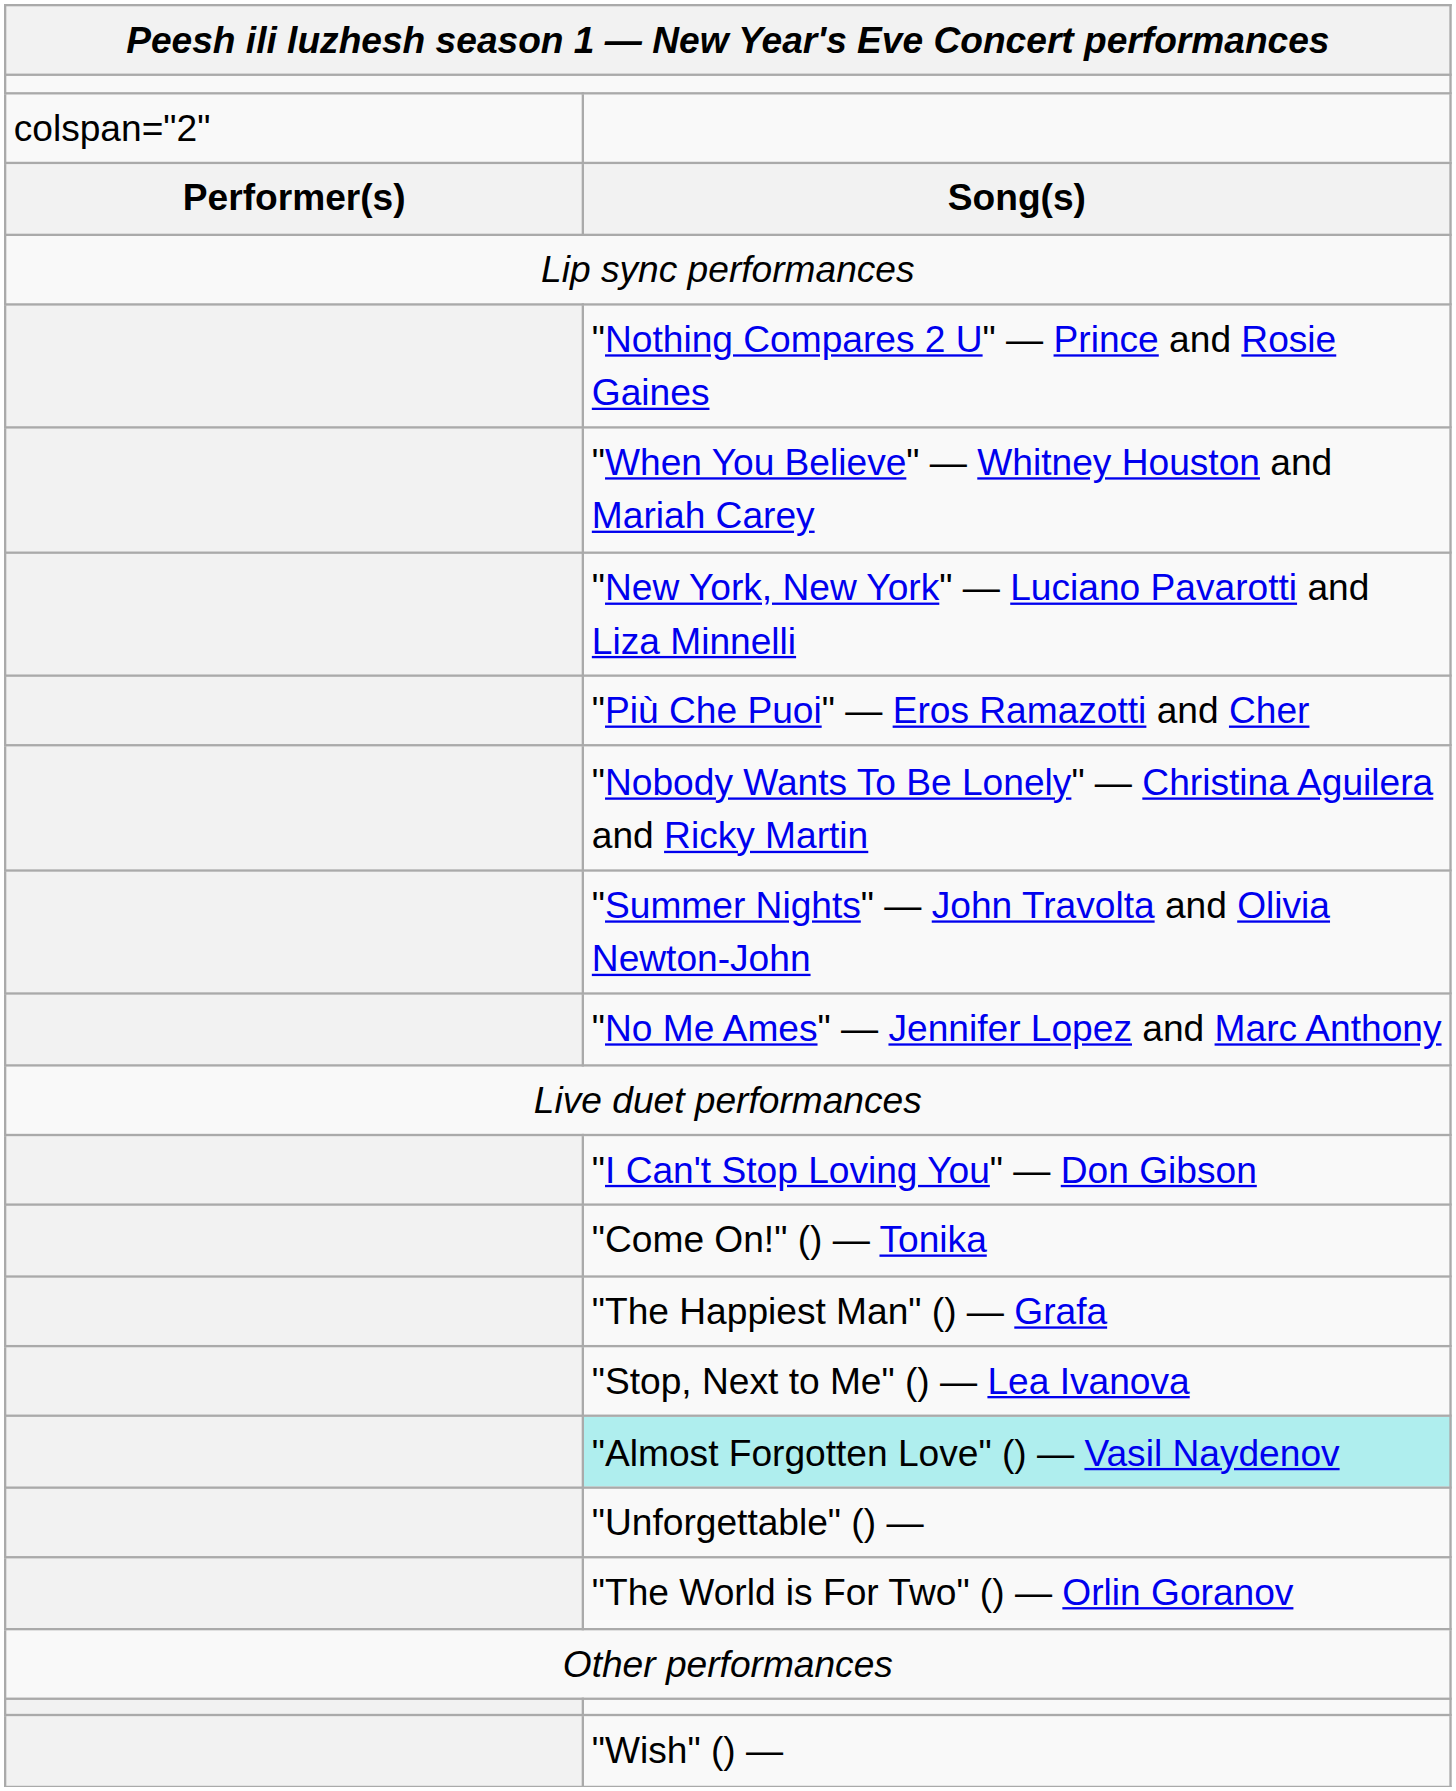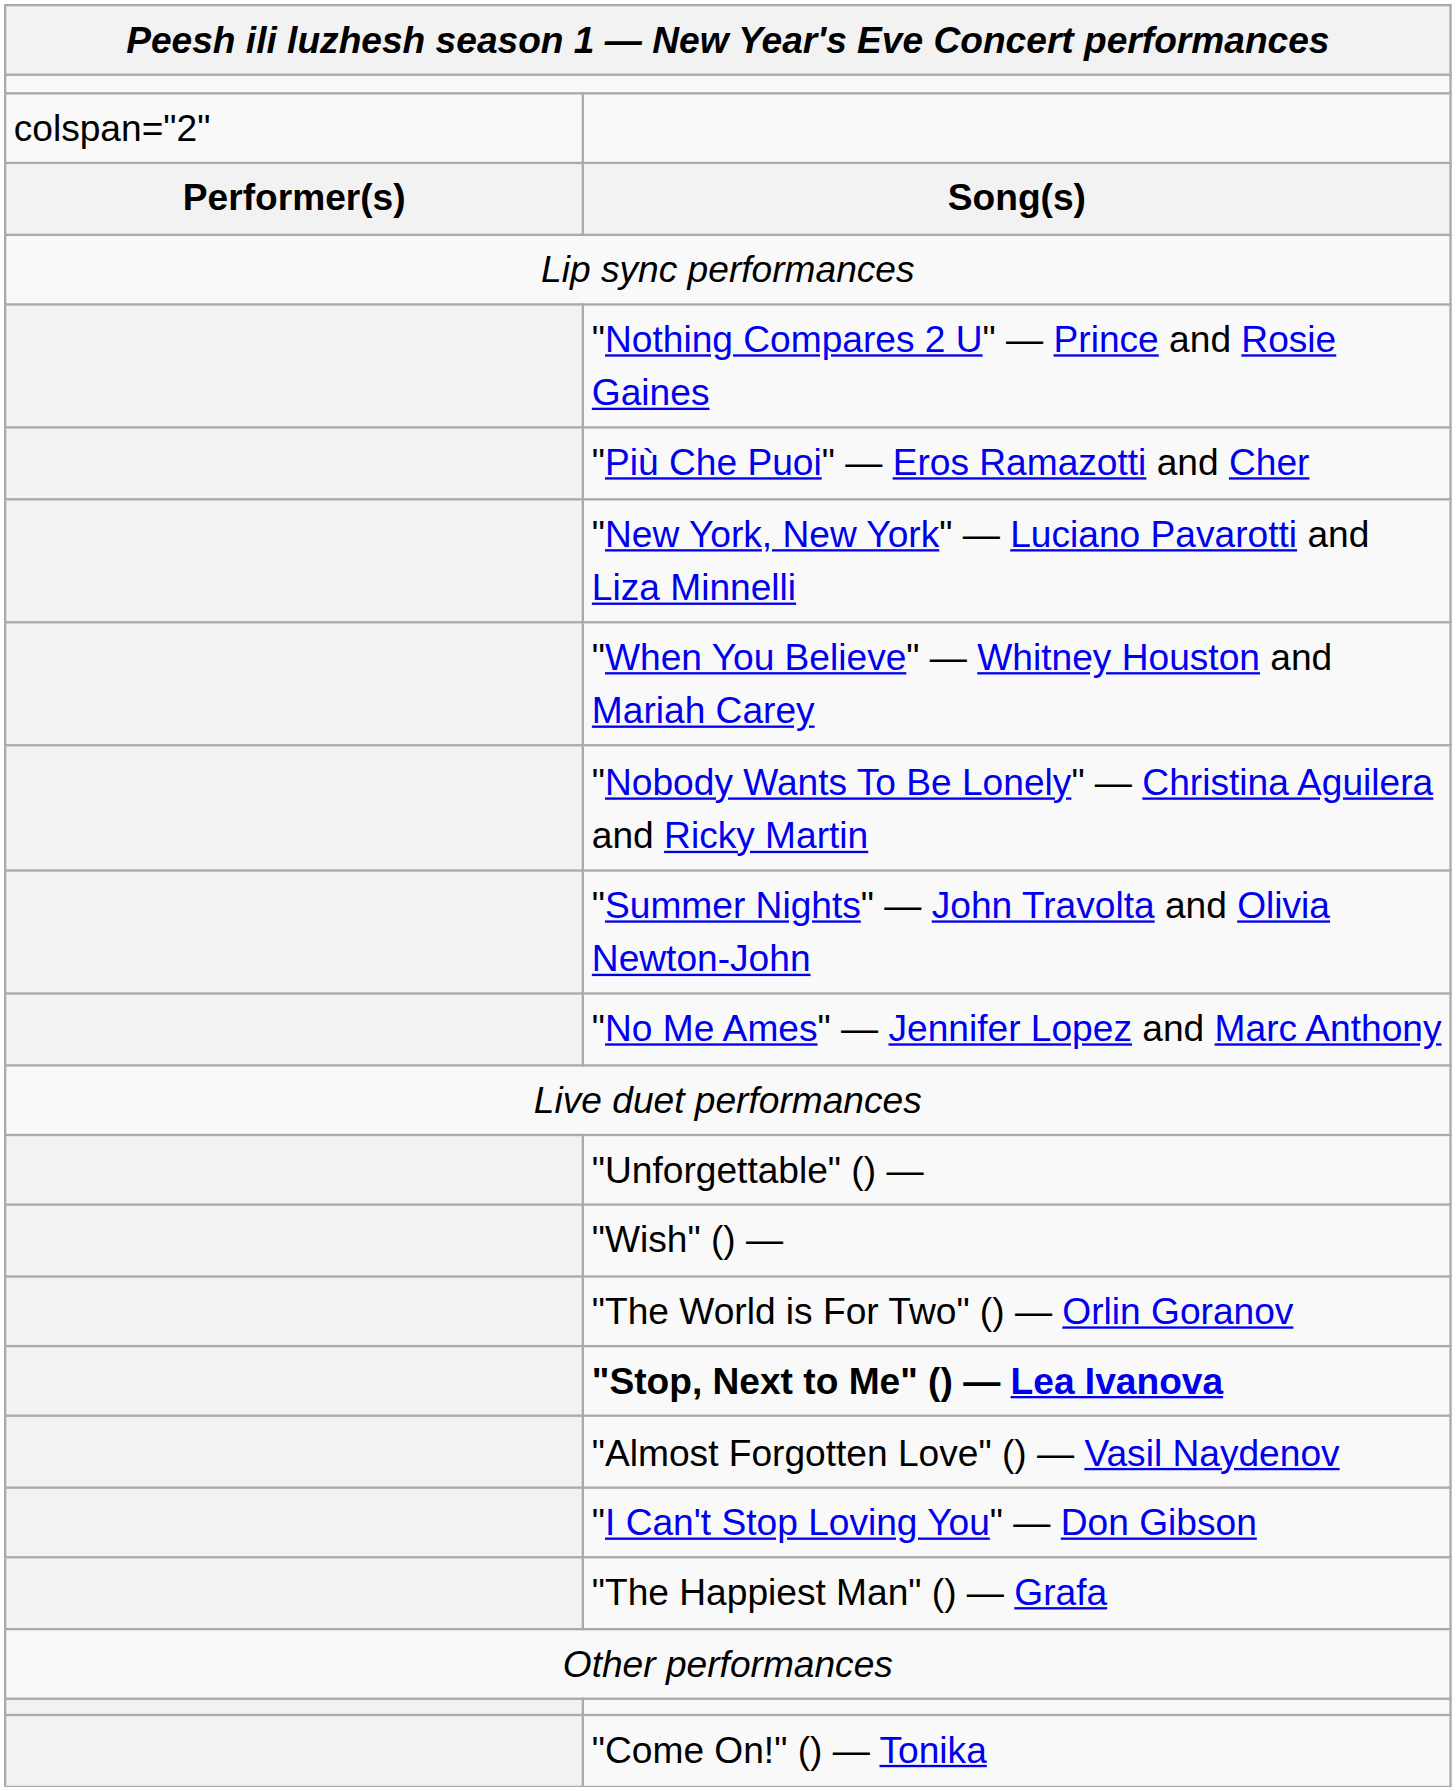 <table class="wikitable plainrowheaders mw-collapsible" style="width:100%; line-height:23px;">
 <tr>
 <th colspan=2><em>Peesh ili luzhesh season 1 — New Year's Eve Concert performances</em></th>
 </tr>
 <tr>
 <td colspan=2></td>
 </tr>
 <tr>
 <td>colspan="2" </td>
 </tr>
 <tr>
 <th width=40%>Performer(s)</th>
 <th>Song(s)</th>
 </tr>
 <tr style="text-align:center;">
 <td colspan="2"><em>Lip sync performances</em></td>
 </tr>
 <tr>
 <th></th>
 <td>"<a href='#'>Nothing Compares 2 U</a>" — <a href='#'>Prince</a> and <a href='#'>Rosie Gaines</a></td>
 </tr>
 <tr>
 <th></th>
-<td>"<a href='#'>When You Believe</a>" — <a href='#'>Whitney Houston</a> and <a href='#'>Mariah Carey</a></td>
+<td>"<a href='#'>Più Che Puoi</a>" — <a href='#'>Eros Ramazotti</a> and <a href='#'>Cher</a></td>
 </tr>
 <tr>
 <th></th>
 <td>"<a href='#'>New York, New York</a>" — <a href='#'>Luciano Pavarotti</a> and <a href='#'>Liza Minnelli</a></td>
 </tr>
 <tr>
 <th></th>
-<td>"<a href='#'>Più Che Puoi</a>" — <a href='#'>Eros Ramazotti</a> and <a href='#'>Cher</a></td>
+<td>"<a href='#'>When You Believe</a>" — <a href='#'>Whitney Houston</a> and <a href='#'>Mariah Carey</a></td>
 </tr>
 <tr>
 <th></th>
 <td>"<a href='#'>Nobody Wants To Be Lonely</a>" — <a href='#'>Christina Aguilera</a> and <a href='#'>Ricky Martin</a></td>
 </tr>
 <tr>
 <th></th>
 <td>"<a href='#'>Summer Nights</a>" — <a href='#'>John Travolta</a> and <a href='#'>Olivia Newton-John</a></td>
 </tr>
 <tr>
 <th></th>
 <td>"<a href='#'>No Me Ames</a>" — <a href='#'>Jennifer Lopez</a> and <a href='#'>Marc Anthony</a></td>
 </tr>
 <tr style="text-align:center;">
 <td colspan="2"><em>Live duet performances</em></td>
 </tr>
 <tr>
 <th></th>
+<td>"Unforgettable" () — </td>
+</tr>
+<tr>
+<th></th>
+<td>"Wish" () — </td>
+</tr>
+<tr>
+<th></th>
+<td>"The World is For Two" () — <a href='#'>Orlin Goranov</a></td>
+</tr>
+<tr>
+<th></th>
+<td><strong>"Stop, Next to Me" () — <a href='#'>Lea Ivanova</a></strong></td>
+</tr>
+<tr>
+<th></th>
+<td>"Almost Forgotten Love" () — <a href='#'>Vasil Naydenov</a></td>
+</tr>
+<tr>
+<th></th>
 <td>"<a href='#'>I Can't Stop Loving You</a>" — <a href='#'>Don Gibson</a></td>
 </tr>
 <tr>
 <th></th>
-<td>"Come On!" () — <a href='#'>Tonika</a></td>
-</tr>
-<tr>
-<th></th>
 <td>"The Happiest Man" () — <a href='#'>Grafa</a></td>
-</tr>
-<tr>
-<th></th>
-<td>"Stop, Next to Me" () — <a href='#'>Lea Ivanova</a></td>
-</tr>
-<tr>
-<th></th>
-<td style="background: paleturquoise;">"Almost Forgotten Love" () — <a href='#'>Vasil Naydenov</a></td>
-</tr>
-<tr>
-<th></th>
-<td>"Unforgettable" () — </td>
-</tr>
-<tr>
-<th></th>
-<td>"The World is For Two" () — <a href='#'>Orlin Goranov</a></td>
 </tr>
 <tr style="text-align:center;">
 <td colspan="2"><em>Other performances</em></td>
 </tr>
 <tr>
 <th></th>
 <td></td>
 </tr>
 <tr>
 <th></th>
-<td>"Wish" () — </td>
+<td>"Come On!" () — <a href='#'>Tonika</a></td>
 </tr>
 </table>
